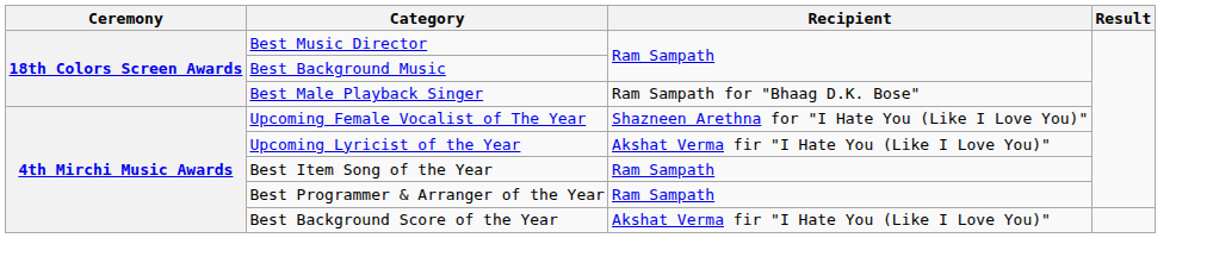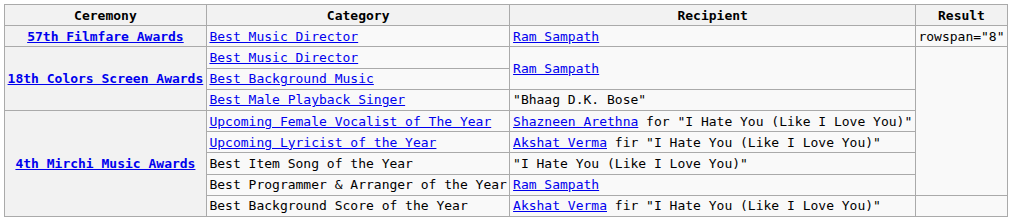 <table class="wikitable plainrowheaders">
 <tr>
 <th scope="col">Ceremony</th>
 <th scope="col">Category</th>
 <th scope="col">Recipient</th>
 <th scope="col">Result</th>
+</tr>
+<tr>
+<th scope="row"><a href='#'>57th Filmfare Awards</a></th>
+<td><a href='#'>Best Music Director</a></td>
+<td><a href='#'>Ram Sampath</a></td>
+<td>rowspan="8" </td>
 </tr>
 <tr>
 <th scope="row" rowspan="3"><a href='#'>18th Colors Screen Awards</a></th>
 <td><a href='#'>Best Music Director</a></td>
 <td rowspan="2"><a href='#'>Ram Sampath</a></td>
 </tr>
 <tr>
 <td><a href='#'>Best Background Music</a></td>
 </tr>
 <tr>
 <td><a href='#'>Best Male Playback Singer</a></td>
-<td>Ram Sampath for "Bhaag D.K. Bose"</td>
+<td>"Bhaag D.K. Bose"</td>
 </tr>
 <tr>
 <th scope="row" rowspan="5"><a href='#'>4th Mirchi Music Awards</a></th>
 <td><a href='#'>Upcoming Female Vocalist of The Year</a></td>
 <td><a href='#'>Shazneen Arethna</a> for "I Hate You (Like I Love You)"</td>
 </tr>
 <tr>
 <td><a href='#'>Upcoming Lyricist of the Year</a></td>
 <td><a href='#'>Akshat Verma</a> fir "I Hate You (Like I Love You)"</td>
 </tr>
 <tr>
 <td>Best Item Song of the Year</td>
-<td><a href='#'>Ram Sampath</a></td>
+<td>"I Hate You (Like I Love You)"</td>
 </tr>
 <tr>
 <td>Best Programmer & Arranger of the Year</td>
 <td><a href='#'>Ram Sampath</a></td>
 </tr>
 <tr>
 <td>Best Background Score of the Year</td>
 <td><a href='#'>Akshat Verma</a> fir "I Hate You (Like I Love You)"</td>
 <td></td>
 </tr>
 </table>
